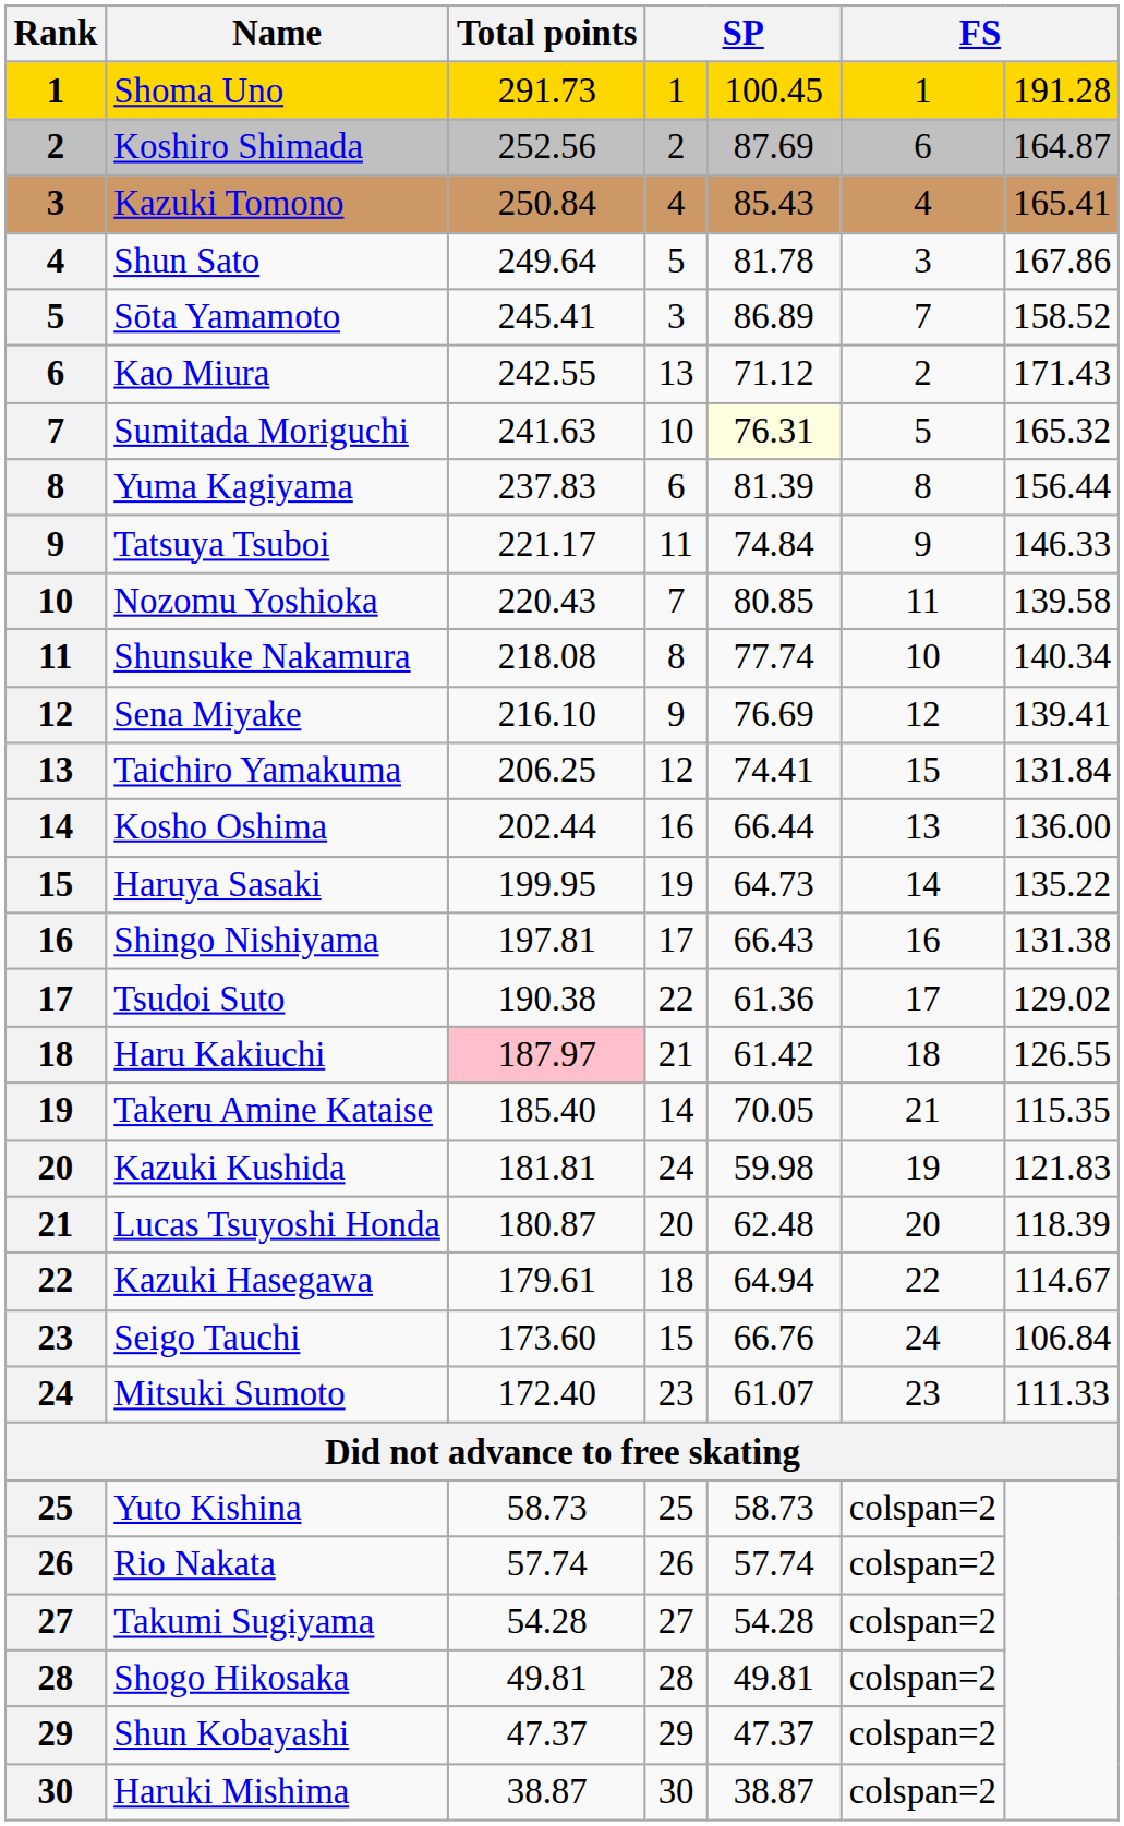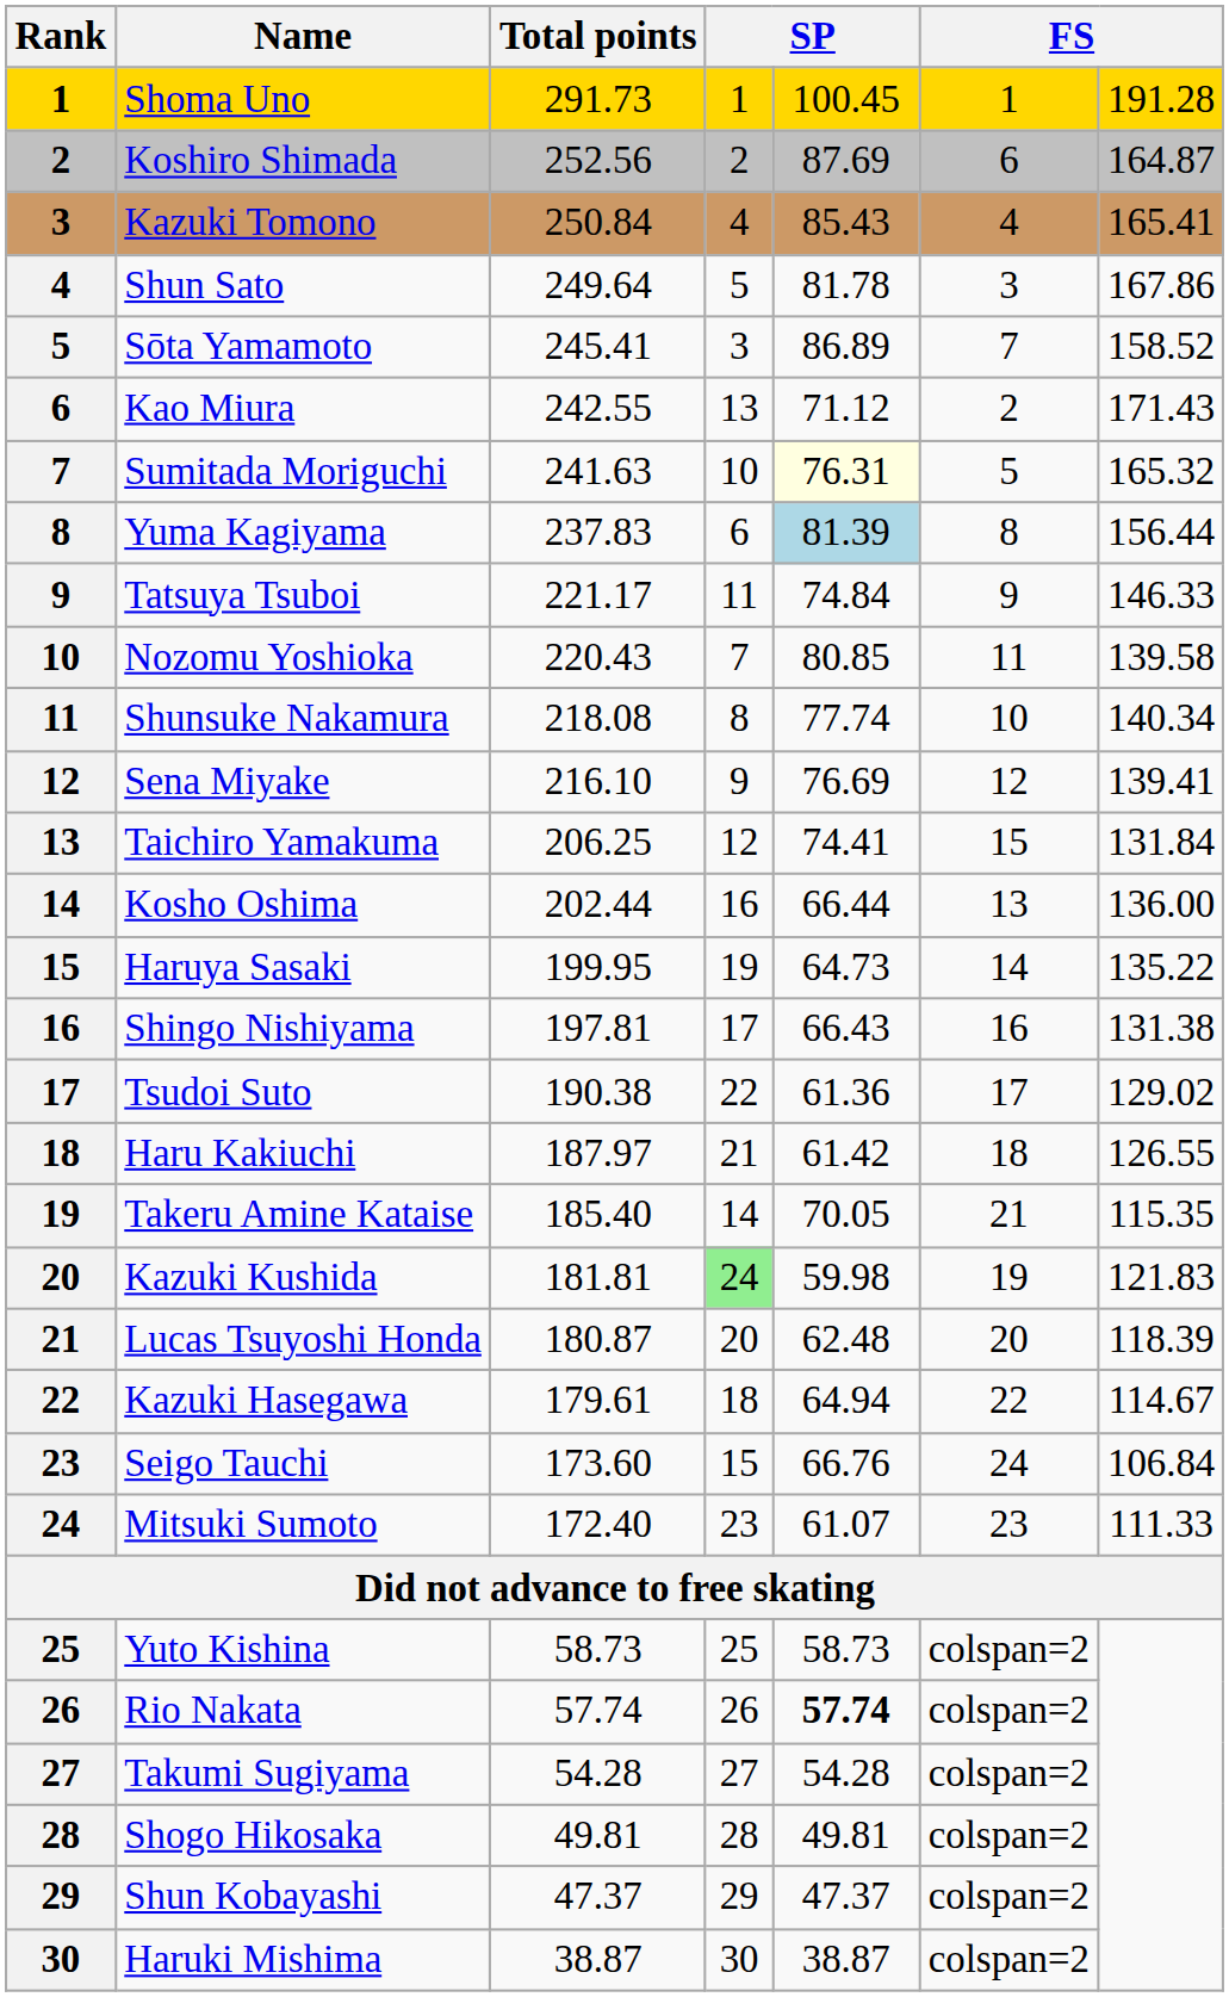 <table class="wikitable sortable">
 <tr>
 <th>Rank</th>
 <th>Name</th>
 <th>Total points</th>
 <th colspan="2" width="80px"><a href='#'>SP</a></th>
 <th colspan="2" width="80px"><a href='#'>FS</a></th>
 </tr>
 <tr bgcolor="gold">
 <td align="center"><strong>1</strong></td>
 <td><a href='#'>Shoma Uno</a></td>
 <td align="center">291.73</td>
 <td align="center">1</td>
 <td align="center">100.45</td>
 <td align="center">1</td>
 <td align="center">191.28</td>
 </tr>
 <tr bgcolor="silver">
 <td align="center"><strong>2</strong></td>
 <td><a href='#'>Koshiro Shimada</a></td>
 <td align="center">252.56</td>
 <td align="center">2</td>
 <td align="center">87.69</td>
 <td align="center">6</td>
 <td align="center">164.87</td>
 </tr>
 <tr bgcolor="cc9966">
 <td align="center"><strong>3</strong></td>
 <td><a href='#'>Kazuki Tomono</a></td>
 <td align="center">250.84</td>
 <td align="center">4</td>
 <td align="center">85.43</td>
 <td align="center">4</td>
 <td align="center">165.41</td>
 </tr>
 <tr>
 <th>4</th>
 <td><a href='#'>Shun Sato</a></td>
 <td align="center">249.64</td>
 <td align="center">5</td>
 <td align="center">81.78</td>
 <td align="center">3</td>
 <td align="center">167.86</td>
 </tr>
 <tr>
 <th>5</th>
 <td><a href='#'>Sōta Yamamoto</a></td>
 <td align="center">245.41</td>
 <td align="center">3</td>
 <td align="center">86.89</td>
 <td align="center">7</td>
 <td align="center">158.52</td>
 </tr>
 <tr>
 <th>6</th>
 <td><a href='#'>Kao Miura</a></td>
 <td align="center">242.55</td>
 <td align="center">13</td>
 <td align="center">71.12</td>
 <td align="center">2</td>
 <td align="center">171.43</td>
 </tr>
 <tr>
 <th>7</th>
 <td><a href='#'>Sumitada Moriguchi</a></td>
 <td align="center">241.63</td>
 <td align="center">10</td>
 <td align="center" style="background: lightyellow;">76.31</td>
 <td align="center">5</td>
 <td align="center">165.32</td>
 </tr>
 <tr>
 <th>8</th>
 <td><a href='#'>Yuma Kagiyama</a></td>
 <td align="center">237.83</td>
 <td align="center">6</td>
-<td align="center">81.39</td>
+<td align="center" style="background: lightblue;">81.39</td>
 <td align="center">8</td>
 <td align="center">156.44</td>
 </tr>
 <tr>
 <th>9</th>
 <td><a href='#'>Tatsuya Tsuboi</a></td>
 <td align="center">221.17</td>
 <td align="center">11</td>
 <td align="center">74.84</td>
 <td align="center">9</td>
 <td align="center">146.33</td>
 </tr>
 <tr>
 <th>10</th>
 <td><a href='#'>Nozomu Yoshioka</a></td>
 <td align="center">220.43</td>
 <td align="center">7</td>
 <td align="center">80.85</td>
 <td align="center">11</td>
 <td align="center">139.58</td>
 </tr>
 <tr>
 <th>11</th>
 <td><a href='#'>Shunsuke Nakamura</a></td>
 <td align="center">218.08</td>
 <td align="center">8</td>
 <td align="center">77.74</td>
 <td align="center">10</td>
 <td align="center">140.34</td>
 </tr>
 <tr>
 <th>12</th>
 <td><a href='#'>Sena Miyake</a></td>
 <td align="center">216.10</td>
 <td align="center">9</td>
 <td align="center">76.69</td>
 <td align="center">12</td>
 <td align="center">139.41</td>
 </tr>
 <tr>
 <th>13</th>
 <td><a href='#'>Taichiro Yamakuma</a></td>
 <td align="center">206.25</td>
 <td align="center">12</td>
 <td align="center">74.41</td>
 <td align="center">15</td>
 <td align="center">131.84</td>
 </tr>
 <tr>
 <th>14</th>
 <td><a href='#'>Kosho Oshima</a></td>
 <td align="center">202.44</td>
 <td align="center">16</td>
 <td align="center">66.44</td>
 <td align="center">13</td>
 <td align="center">136.00</td>
 </tr>
 <tr>
 <th>15</th>
 <td><a href='#'>Haruya Sasaki</a></td>
 <td align="center">199.95</td>
 <td align="center">19</td>
 <td align="center">64.73</td>
 <td align="center">14</td>
 <td align="center">135.22</td>
 </tr>
 <tr>
 <th>16</th>
 <td><a href='#'>Shingo Nishiyama</a></td>
 <td align="center">197.81</td>
 <td align="center">17</td>
 <td align="center">66.43</td>
 <td align="center">16</td>
 <td align="center">131.38</td>
 </tr>
 <tr>
 <th>17</th>
 <td><a href='#'>Tsudoi Suto</a></td>
 <td align="center">190.38</td>
 <td align="center">22</td>
 <td align="center">61.36</td>
 <td align="center">17</td>
 <td align="center">129.02</td>
 </tr>
 <tr>
 <th>18</th>
 <td><a href='#'>Haru Kakiuchi</a></td>
-<td align="center" style="background: pink;">187.97</td>
+<td align="center">187.97</td>
 <td align="center">21</td>
 <td align="center">61.42</td>
 <td align="center">18</td>
 <td align="center">126.55</td>
 </tr>
 <tr>
 <th>19</th>
 <td><a href='#'>Takeru Amine Kataise</a></td>
 <td align="center">185.40</td>
 <td align="center">14</td>
 <td align="center">70.05</td>
 <td align="center">21</td>
 <td align="center">115.35</td>
 </tr>
 <tr>
 <th>20</th>
 <td><a href='#'>Kazuki Kushida</a></td>
 <td align="center">181.81</td>
-<td align="center">24</td>
+<td align="center" style="background: lightgreen;">24</td>
 <td align="center">59.98</td>
 <td align="center">19</td>
 <td align="center">121.83</td>
 </tr>
 <tr>
 <th>21</th>
 <td><a href='#'>Lucas Tsuyoshi Honda</a></td>
 <td align="center">180.87</td>
 <td align="center">20</td>
 <td align="center">62.48</td>
 <td align="center">20</td>
 <td align="center">118.39</td>
 </tr>
 <tr>
 <th>22</th>
 <td><a href='#'>Kazuki Hasegawa</a></td>
 <td align="center">179.61</td>
 <td align="center">18</td>
 <td align="center">64.94</td>
 <td align="center">22</td>
 <td align="center">114.67</td>
 </tr>
 <tr>
 <th>23</th>
 <td><a href='#'>Seigo Tauchi</a></td>
 <td align="center">173.60</td>
 <td align="center">15</td>
 <td align="center">66.76</td>
 <td align="center">24</td>
 <td align="center">106.84</td>
 </tr>
 <tr>
 <th>24</th>
 <td><a href='#'>Mitsuki Sumoto</a></td>
 <td align="center">172.40</td>
 <td align="center">23</td>
 <td align="center">61.07</td>
 <td align="center">23</td>
 <td align="center">111.33</td>
 </tr>
 <tr>
 <th colspan="7">Did not advance to free skating</th>
 </tr>
 <tr>
 <th>25</th>
 <td><a href='#'>Yuto Kishina</a></td>
 <td align="center">58.73</td>
 <td align="center">25</td>
 <td align="center">58.73</td>
 <td>colspan=2 </td>
 </tr>
 <tr>
 <th>26</th>
 <td><a href='#'>Rio Nakata</a></td>
 <td align="center">57.74</td>
 <td align="center">26</td>
-<td align="center">57.74</td>
+<td align="center"><strong>57.74</strong></td>
 <td>colspan=2 </td>
 </tr>
 <tr>
 <th>27</th>
 <td><a href='#'>Takumi Sugiyama</a></td>
 <td align="center">54.28</td>
 <td align="center">27</td>
 <td align="center">54.28</td>
 <td>colspan=2 </td>
 </tr>
 <tr>
 <th>28</th>
 <td><a href='#'>Shogo Hikosaka</a></td>
 <td align="center">49.81</td>
 <td align="center">28</td>
 <td align="center">49.81</td>
 <td>colspan=2 </td>
 </tr>
 <tr>
 <th>29</th>
 <td><a href='#'>Shun Kobayashi</a></td>
 <td align="center">47.37</td>
 <td align="center">29</td>
 <td align="center">47.37</td>
 <td>colspan=2 </td>
 </tr>
 <tr>
 <th>30</th>
 <td><a href='#'>Haruki Mishima</a></td>
 <td align="center">38.87</td>
 <td align="center">30</td>
 <td align="center">38.87</td>
 <td>colspan=2 </td>
 </tr>
 </table>
